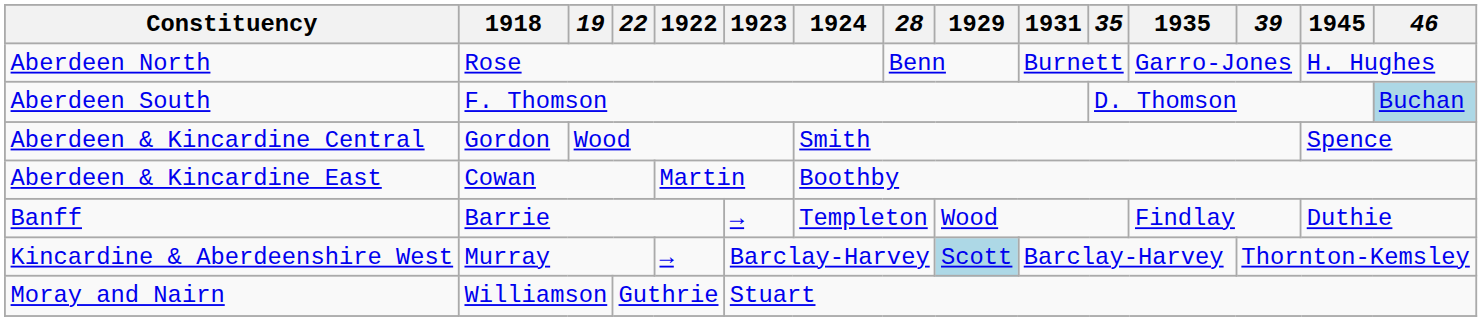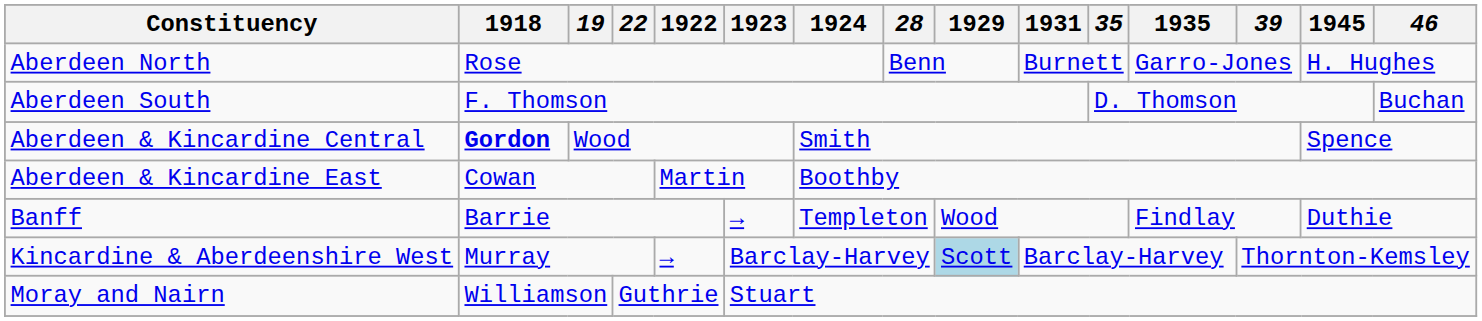 <table class="wikitable">
 <tr>
 <th>Constituency</th>
 <th>1918</th>
 <th><em>19</em></th>
 <th><em>22</em></th>
 <th>1922</th>
 <th>1923</th>
 <th>1924</th>
 <th><em>28</em></th>
 <th>1929</th>
 <th>1931</th>
 <th><em>35</em></th>
 <th>1935</th>
 <th><em>39</em></th>
 <th>1945</th>
 <th><em>46</em></th>
 </tr>
 <tr>
 <td><a href='#'>Aberdeen North</a></td>
 <td colspan="6"><a href='#'>Rose</a></td>
 <td colspan="2"><a href='#'>Benn</a></td>
 <td colspan="2"><a href='#'>Burnett</a></td>
 <td colspan="2"><a href='#'>Garro-Jones</a></td>
 <td colspan="2"><a href='#'>H. Hughes</a></td>
 </tr>
 <tr>
 <td><a href='#'>Aberdeen South</a></td>
 <td colspan="9"><a href='#'>F. Thomson</a></td>
 <td colspan="4"><a href='#'>D. Thomson</a></td>
-<td style="background: lightblue;"><a href='#'>Buchan</a></td>
+<td><a href='#'>Buchan</a></td>
 </tr>
 <tr>
 <td><a href='#'>Aberdeen & Kincardine Central</a></td>
-<td><a href='#'>Gordon</a></td>
+<td><strong><a href='#'>Gordon</a></strong></td>
 <td colspan="4"><a href='#'>Wood</a></td>
 <td colspan="7"><a href='#'>Smith</a></td>
 <td colspan="2"><a href='#'>Spence</a></td>
 </tr>
 <tr>
 <td><a href='#'>Aberdeen & Kincardine East</a></td>
 <td colspan="3"><a href='#'>Cowan</a></td>
 <td colspan="2"><a href='#'>Martin</a></td>
 <td colspan="9"><a href='#'>Boothby</a></td>
 </tr>
 <tr>
 <td><a href='#'>Banff</a></td>
 <td colspan="4"><a href='#'>Barrie</a></td>
 <td><a href='#'>→</a></td>
 <td colspan="2"><a href='#'>Templeton</a></td>
 <td colspan="3"><a href='#'>Wood</a></td>
 <td colspan="2"><a href='#'>Findlay</a></td>
 <td colspan="2"><a href='#'>Duthie</a></td>
 </tr>
 <tr>
 <td><a href='#'>Kincardine & Aberdeenshire West</a></td>
 <td colspan="3"><a href='#'>Murray</a></td>
 <td><a href='#'>→</a></td>
 <td colspan="3"><a href='#'>Barclay-Harvey</a></td>
 <td style="background: lightblue;"><a href='#'>Scott</a></td>
 <td colspan="3"><a href='#'>Barclay-Harvey</a></td>
 <td colspan="3"><a href='#'>Thornton-Kemsley</a></td>
 </tr>
 <tr>
 <td><a href='#'>Moray and Nairn</a></td>
 <td colspan="2"><a href='#'>Williamson</a></td>
 <td colspan="2"><a href='#'>Guthrie</a></td>
 <td colspan="10"><a href='#'>Stuart</a></td>
 </tr>
 </table>
